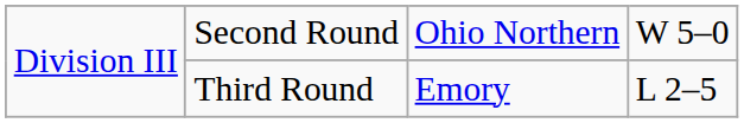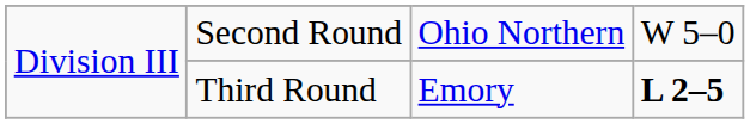 <table class="wikitable">
 <tr>
 <td rowspan="5"><a href='#'>Division III</a></td>
 <td>Second Round</td>
 <td><a href='#'>Ohio Northern</a></td>
 <td>W 5–0</td>
 </tr>
 <tr>
 <td>Third Round</td>
 <td><a href='#'>Emory</a></td>
-<td>L 2–5</td>
+<td><strong>L 2–5</strong></td>
 </tr>
 </table>
